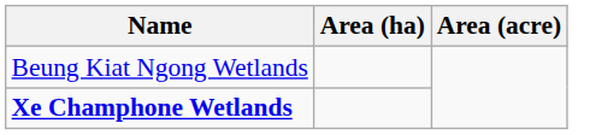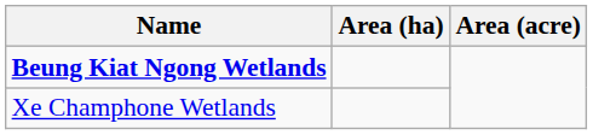 <table class="wikitable sortable">
 <tr>
 <th scope="col" align=left>Name</th>
 <th scope="col">Area (ha)</th>
 <th scope="col">Area (acre)</th>
 </tr>
 <tr ---->
-<td><a href='#'>Beung Kiat Ngong Wetlands</a></td>
+<td><strong><a href='#'>Beung Kiat Ngong Wetlands</a></strong></td>
 <td></td>
 </tr>
 <tr ---->
-<td><strong><a href='#'>Xe Champhone Wetlands</a></strong></td>
+<td><a href='#'>Xe Champhone Wetlands</a></td>
 <td></td>
 </tr>
 </table>
